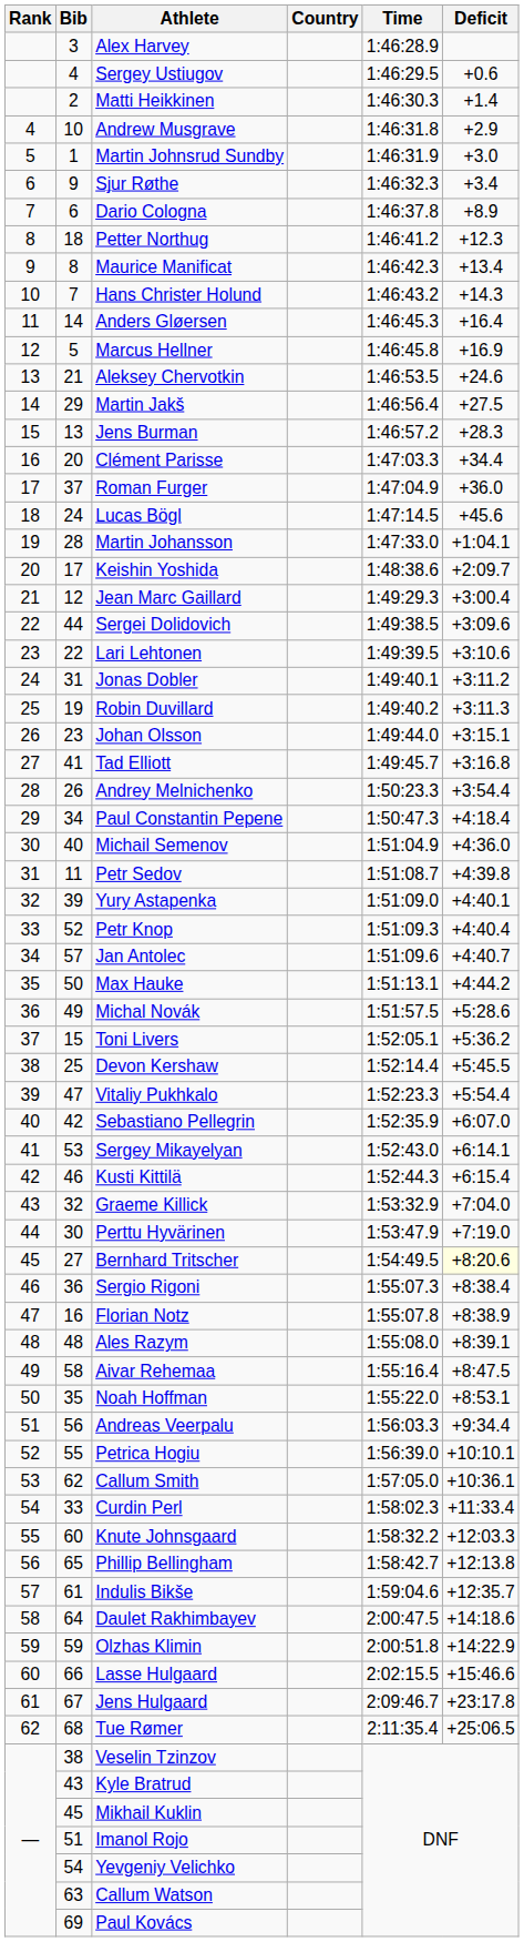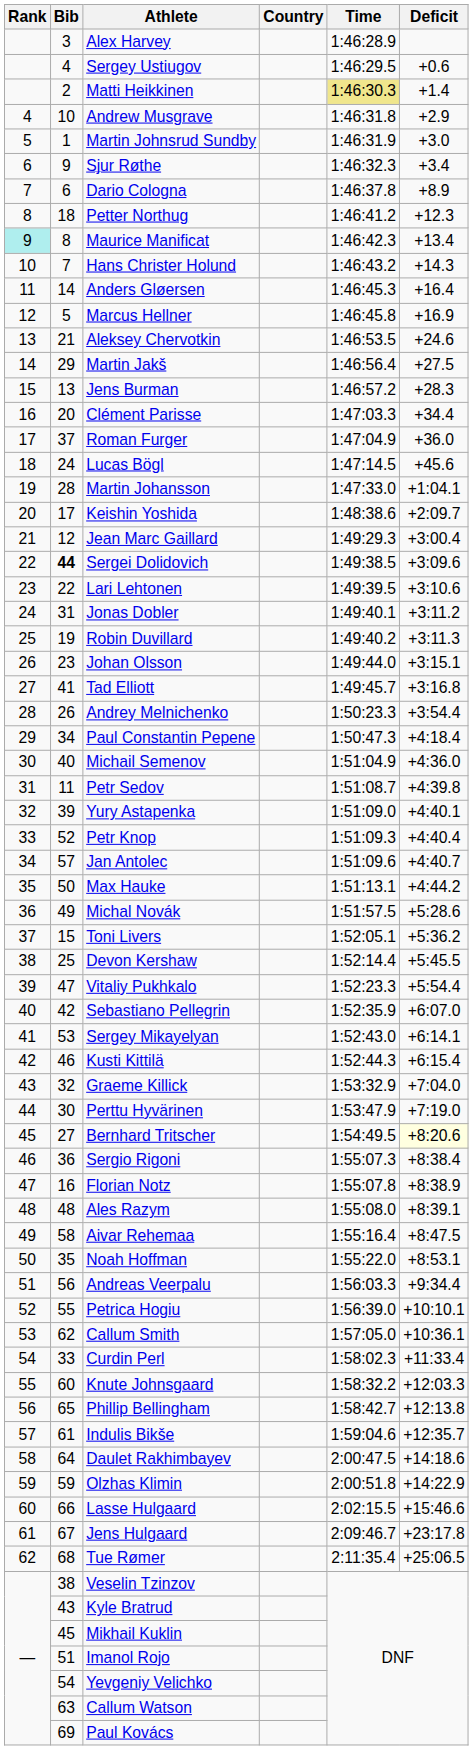 <table class="wikitable sortable" style="text-align:center">
 <tr>
 <th>Rank</th>
 <th>Bib</th>
 <th>Athlete</th>
 <th>Country</th>
 <th>Time</th>
 <th>Deficit</th>
 </tr>
 <tr>
 <td></td>
 <td>3</td>
 <td align=left><a href='#'>Alex Harvey</a></td>
 <td align=left></td>
 <td>1:46:28.9</td>
 <td></td>
 </tr>
 <tr>
 <td></td>
 <td>4</td>
 <td align=left><a href='#'>Sergey Ustiugov</a></td>
 <td align=left></td>
 <td>1:46:29.5</td>
 <td>+0.6</td>
 </tr>
 <tr>
 <td></td>
 <td>2</td>
 <td align=left><a href='#'>Matti Heikkinen</a></td>
 <td align=left></td>
-<td>1:46:30.3</td>
+<td style="background: khaki;">1:46:30.3</td>
 <td>+1.4</td>
 </tr>
 <tr>
 <td>4</td>
 <td>10</td>
 <td align=left><a href='#'>Andrew Musgrave</a></td>
 <td align=left></td>
 <td>1:46:31.8</td>
 <td>+2.9</td>
 </tr>
 <tr>
 <td>5</td>
 <td>1</td>
 <td align=left><a href='#'>Martin Johnsrud Sundby</a></td>
 <td align=left></td>
 <td>1:46:31.9</td>
 <td>+3.0</td>
 </tr>
 <tr>
 <td>6</td>
 <td>9</td>
 <td align=left><a href='#'>Sjur Røthe</a></td>
 <td align=left></td>
 <td>1:46:32.3</td>
 <td>+3.4</td>
 </tr>
 <tr>
 <td>7</td>
 <td>6</td>
 <td align=left><a href='#'>Dario Cologna</a></td>
 <td align=left></td>
 <td>1:46:37.8</td>
 <td>+8.9</td>
 </tr>
 <tr>
 <td>8</td>
 <td>18</td>
 <td align=left><a href='#'>Petter Northug</a></td>
 <td align=left></td>
 <td>1:46:41.2</td>
 <td>+12.3</td>
 </tr>
 <tr>
-<td>9</td>
+<td style="background: paleturquoise;">9</td>
 <td>8</td>
 <td align=left><a href='#'>Maurice Manificat</a></td>
 <td align=left></td>
 <td>1:46:42.3</td>
 <td>+13.4</td>
 </tr>
 <tr>
 <td>10</td>
 <td>7</td>
 <td align=left><a href='#'>Hans Christer Holund</a></td>
 <td align=left></td>
 <td>1:46:43.2</td>
 <td>+14.3</td>
 </tr>
 <tr>
 <td>11</td>
 <td>14</td>
 <td align=left><a href='#'>Anders Gløersen</a></td>
 <td align=left></td>
 <td>1:46:45.3</td>
 <td>+16.4</td>
 </tr>
 <tr>
 <td>12</td>
 <td>5</td>
 <td align=left><a href='#'>Marcus Hellner</a></td>
 <td align=left></td>
 <td>1:46:45.8</td>
 <td>+16.9</td>
 </tr>
 <tr>
 <td>13</td>
 <td>21</td>
 <td align=left><a href='#'>Aleksey Chervotkin</a></td>
 <td align=left></td>
 <td>1:46:53.5</td>
 <td>+24.6</td>
 </tr>
 <tr>
 <td>14</td>
 <td>29</td>
 <td align=left><a href='#'>Martin Jakš</a></td>
 <td align=left></td>
 <td>1:46:56.4</td>
 <td>+27.5</td>
 </tr>
 <tr>
 <td>15</td>
 <td>13</td>
 <td align=left><a href='#'>Jens Burman</a></td>
 <td align=left></td>
 <td>1:46:57.2</td>
 <td>+28.3</td>
 </tr>
 <tr>
 <td>16</td>
 <td>20</td>
 <td align=left><a href='#'>Clément Parisse</a></td>
 <td align=left></td>
 <td>1:47:03.3</td>
 <td>+34.4</td>
 </tr>
 <tr>
 <td>17</td>
 <td>37</td>
 <td align=left><a href='#'>Roman Furger</a></td>
 <td align=left></td>
 <td>1:47:04.9</td>
 <td>+36.0</td>
 </tr>
 <tr>
 <td>18</td>
 <td>24</td>
 <td align=left><a href='#'>Lucas Bögl</a></td>
 <td align=left></td>
 <td>1:47:14.5</td>
 <td>+45.6</td>
 </tr>
 <tr>
 <td>19</td>
 <td>28</td>
 <td align=left><a href='#'>Martin Johansson</a></td>
 <td align=left></td>
 <td>1:47:33.0</td>
 <td>+1:04.1</td>
 </tr>
 <tr>
 <td>20</td>
 <td>17</td>
 <td align=left><a href='#'>Keishin Yoshida</a></td>
 <td align=left></td>
 <td>1:48:38.6</td>
 <td>+2:09.7</td>
 </tr>
 <tr>
 <td>21</td>
 <td>12</td>
 <td align=left><a href='#'>Jean Marc Gaillard</a></td>
 <td align=left></td>
 <td>1:49:29.3</td>
 <td>+3:00.4</td>
 </tr>
 <tr>
 <td>22</td>
-<td>44</td>
+<td><strong>44</strong></td>
 <td align=left><a href='#'>Sergei Dolidovich</a></td>
 <td align=left></td>
 <td>1:49:38.5</td>
 <td>+3:09.6</td>
 </tr>
 <tr>
 <td>23</td>
 <td>22</td>
 <td align=left><a href='#'>Lari Lehtonen</a></td>
 <td align=left></td>
 <td>1:49:39.5</td>
 <td>+3:10.6</td>
 </tr>
 <tr>
 <td>24</td>
 <td>31</td>
 <td align=left><a href='#'>Jonas Dobler</a></td>
 <td align=left></td>
 <td>1:49:40.1</td>
 <td>+3:11.2</td>
 </tr>
 <tr>
 <td>25</td>
 <td>19</td>
 <td align=left><a href='#'>Robin Duvillard</a></td>
 <td align=left></td>
 <td>1:49:40.2</td>
 <td>+3:11.3</td>
 </tr>
 <tr>
 <td>26</td>
 <td>23</td>
 <td align=left><a href='#'>Johan Olsson</a></td>
 <td align=left></td>
 <td>1:49:44.0</td>
 <td>+3:15.1</td>
 </tr>
 <tr>
 <td>27</td>
 <td>41</td>
 <td align=left><a href='#'>Tad Elliott</a></td>
 <td align=left></td>
 <td>1:49:45.7</td>
 <td>+3:16.8</td>
 </tr>
 <tr>
 <td>28</td>
 <td>26</td>
 <td align=left><a href='#'>Andrey Melnichenko</a></td>
 <td align=left></td>
 <td>1:50:23.3</td>
 <td>+3:54.4</td>
 </tr>
 <tr>
 <td>29</td>
 <td>34</td>
 <td align=left><a href='#'>Paul Constantin Pepene</a></td>
 <td align=left></td>
 <td>1:50:47.3</td>
 <td>+4:18.4</td>
 </tr>
 <tr>
 <td>30</td>
 <td>40</td>
 <td align=left><a href='#'>Michail Semenov</a></td>
 <td align=left></td>
 <td>1:51:04.9</td>
 <td>+4:36.0</td>
 </tr>
 <tr>
 <td>31</td>
 <td>11</td>
 <td align=left><a href='#'>Petr Sedov</a></td>
 <td align=left></td>
 <td>1:51:08.7</td>
 <td>+4:39.8</td>
 </tr>
 <tr>
 <td>32</td>
 <td>39</td>
 <td align=left><a href='#'>Yury Astapenka</a></td>
 <td align=left></td>
 <td>1:51:09.0</td>
 <td>+4:40.1</td>
 </tr>
 <tr>
 <td>33</td>
 <td>52</td>
 <td align=left><a href='#'>Petr Knop</a></td>
 <td align=left></td>
 <td>1:51:09.3</td>
 <td>+4:40.4</td>
 </tr>
 <tr>
 <td>34</td>
 <td>57</td>
 <td align=left><a href='#'>Jan Antolec</a></td>
 <td align=left></td>
 <td>1:51:09.6</td>
 <td>+4:40.7</td>
 </tr>
 <tr>
 <td>35</td>
 <td>50</td>
 <td align=left><a href='#'>Max Hauke</a></td>
 <td align=left></td>
 <td>1:51:13.1</td>
 <td>+4:44.2</td>
 </tr>
 <tr>
 <td>36</td>
 <td>49</td>
 <td align=left><a href='#'>Michal Novák</a></td>
 <td align=left></td>
 <td>1:51:57.5</td>
 <td>+5:28.6</td>
 </tr>
 <tr>
 <td>37</td>
 <td>15</td>
 <td align=left><a href='#'>Toni Livers</a></td>
 <td align=left></td>
 <td>1:52:05.1</td>
 <td>+5:36.2</td>
 </tr>
 <tr>
 <td>38</td>
 <td>25</td>
 <td align=left><a href='#'>Devon Kershaw</a></td>
 <td align=left></td>
 <td>1:52:14.4</td>
 <td>+5:45.5</td>
 </tr>
 <tr>
 <td>39</td>
 <td>47</td>
 <td align=left><a href='#'>Vitaliy Pukhkalo</a></td>
 <td align=left></td>
 <td>1:52:23.3</td>
 <td>+5:54.4</td>
 </tr>
 <tr>
 <td>40</td>
 <td>42</td>
 <td align=left><a href='#'>Sebastiano Pellegrin</a></td>
 <td align=left></td>
 <td>1:52:35.9</td>
 <td>+6:07.0</td>
 </tr>
 <tr>
 <td>41</td>
 <td>53</td>
 <td align=left><a href='#'>Sergey Mikayelyan</a></td>
 <td align=left></td>
 <td>1:52:43.0</td>
 <td>+6:14.1</td>
 </tr>
 <tr>
 <td>42</td>
 <td>46</td>
 <td align=left><a href='#'>Kusti Kittilä</a></td>
 <td align=left></td>
 <td>1:52:44.3</td>
 <td>+6:15.4</td>
 </tr>
 <tr>
 <td>43</td>
 <td>32</td>
 <td align=left><a href='#'>Graeme Killick</a></td>
 <td align=left></td>
 <td>1:53:32.9</td>
 <td>+7:04.0</td>
 </tr>
 <tr>
 <td>44</td>
 <td>30</td>
 <td align=left><a href='#'>Perttu Hyvärinen</a></td>
 <td align=left></td>
 <td>1:53:47.9</td>
 <td>+7:19.0</td>
 </tr>
 <tr>
 <td>45</td>
 <td>27</td>
 <td align=left><a href='#'>Bernhard Tritscher</a></td>
 <td align=left></td>
 <td>1:54:49.5</td>
 <td style="background: lightyellow;">+8:20.6</td>
 </tr>
 <tr>
 <td>46</td>
 <td>36</td>
 <td align=left><a href='#'>Sergio Rigoni</a></td>
 <td align=left></td>
 <td>1:55:07.3</td>
 <td>+8:38.4</td>
 </tr>
 <tr>
 <td>47</td>
 <td>16</td>
 <td align=left><a href='#'>Florian Notz</a></td>
 <td align=left></td>
 <td>1:55:07.8</td>
 <td>+8:38.9</td>
 </tr>
 <tr>
 <td>48</td>
 <td>48</td>
 <td align=left><a href='#'>Ales Razym</a></td>
 <td align=left></td>
 <td>1:55:08.0</td>
 <td>+8:39.1</td>
 </tr>
 <tr>
 <td>49</td>
 <td>58</td>
 <td align=left><a href='#'>Aivar Rehemaa</a></td>
 <td align=left></td>
 <td>1:55:16.4</td>
 <td>+8:47.5</td>
 </tr>
 <tr>
 <td>50</td>
 <td>35</td>
 <td align=left><a href='#'>Noah Hoffman</a></td>
 <td align=left></td>
 <td>1:55:22.0</td>
 <td>+8:53.1</td>
 </tr>
 <tr>
 <td>51</td>
 <td>56</td>
 <td align=left><a href='#'>Andreas Veerpalu</a></td>
 <td align=left></td>
 <td>1:56:03.3</td>
 <td>+9:34.4</td>
 </tr>
 <tr>
 <td>52</td>
 <td>55</td>
 <td align=left><a href='#'>Petrica Hogiu</a></td>
 <td align=left></td>
 <td>1:56:39.0</td>
 <td>+10:10.1</td>
 </tr>
 <tr>
 <td>53</td>
 <td>62</td>
 <td align=left><a href='#'>Callum Smith</a></td>
 <td align=left></td>
 <td>1:57:05.0</td>
 <td>+10:36.1</td>
 </tr>
 <tr>
 <td>54</td>
 <td>33</td>
 <td align=left><a href='#'>Curdin Perl</a></td>
 <td align=left></td>
 <td>1:58:02.3</td>
 <td>+11:33.4</td>
 </tr>
 <tr>
 <td>55</td>
 <td>60</td>
 <td align=left><a href='#'>Knute Johnsgaard</a></td>
 <td align=left></td>
 <td>1:58:32.2</td>
 <td>+12:03.3</td>
 </tr>
 <tr>
 <td>56</td>
 <td>65</td>
 <td align=left><a href='#'>Phillip Bellingham</a></td>
 <td align=left></td>
 <td>1:58:42.7</td>
 <td>+12:13.8</td>
 </tr>
 <tr>
 <td>57</td>
 <td>61</td>
 <td align=left><a href='#'>Indulis Bikše</a></td>
 <td align=left></td>
 <td>1:59:04.6</td>
 <td>+12:35.7</td>
 </tr>
 <tr>
 <td>58</td>
 <td>64</td>
 <td align=left><a href='#'>Daulet Rakhimbayev</a></td>
 <td align=left></td>
 <td>2:00:47.5</td>
 <td>+14:18.6</td>
 </tr>
 <tr>
 <td>59</td>
 <td>59</td>
 <td align=left><a href='#'>Olzhas Klimin</a></td>
 <td align=left></td>
 <td>2:00:51.8</td>
 <td>+14:22.9</td>
 </tr>
 <tr>
 <td>60</td>
 <td>66</td>
 <td align=left><a href='#'>Lasse Hulgaard</a></td>
 <td align=left></td>
 <td>2:02:15.5</td>
 <td>+15:46.6</td>
 </tr>
 <tr>
 <td>61</td>
 <td>67</td>
 <td align=left><a href='#'>Jens Hulgaard</a></td>
 <td align=left></td>
 <td>2:09:46.7</td>
 <td>+23:17.8</td>
 </tr>
 <tr>
 <td>62</td>
 <td>68</td>
 <td align=left><a href='#'>Tue Rømer</a></td>
 <td align=left></td>
 <td>2:11:35.4</td>
 <td>+25:06.5</td>
 </tr>
 <tr>
 <td rowspan=7>—</td>
 <td>38</td>
 <td align=left><a href='#'>Veselin Tzinzov</a></td>
 <td align=left></td>
 <td rowspan=7 colspan=2>DNF</td>
 </tr>
 <tr>
 <td>43</td>
 <td align=left><a href='#'>Kyle Bratrud</a></td>
 <td align=left></td>
 </tr>
 <tr>
 <td>45</td>
 <td align=left><a href='#'>Mikhail Kuklin</a></td>
 <td align=left></td>
 </tr>
 <tr>
 <td>51</td>
 <td align=left><a href='#'>Imanol Rojo</a></td>
 <td align=left></td>
 </tr>
 <tr>
 <td>54</td>
 <td align=left><a href='#'>Yevgeniy Velichko</a></td>
 <td align=left></td>
 </tr>
 <tr>
 <td>63</td>
 <td align=left><a href='#'>Callum Watson</a></td>
 <td align=left></td>
 </tr>
 <tr>
 <td>69</td>
 <td align=left><a href='#'>Paul Kovács</a></td>
 <td align=left></td>
 </tr>
 </table>
